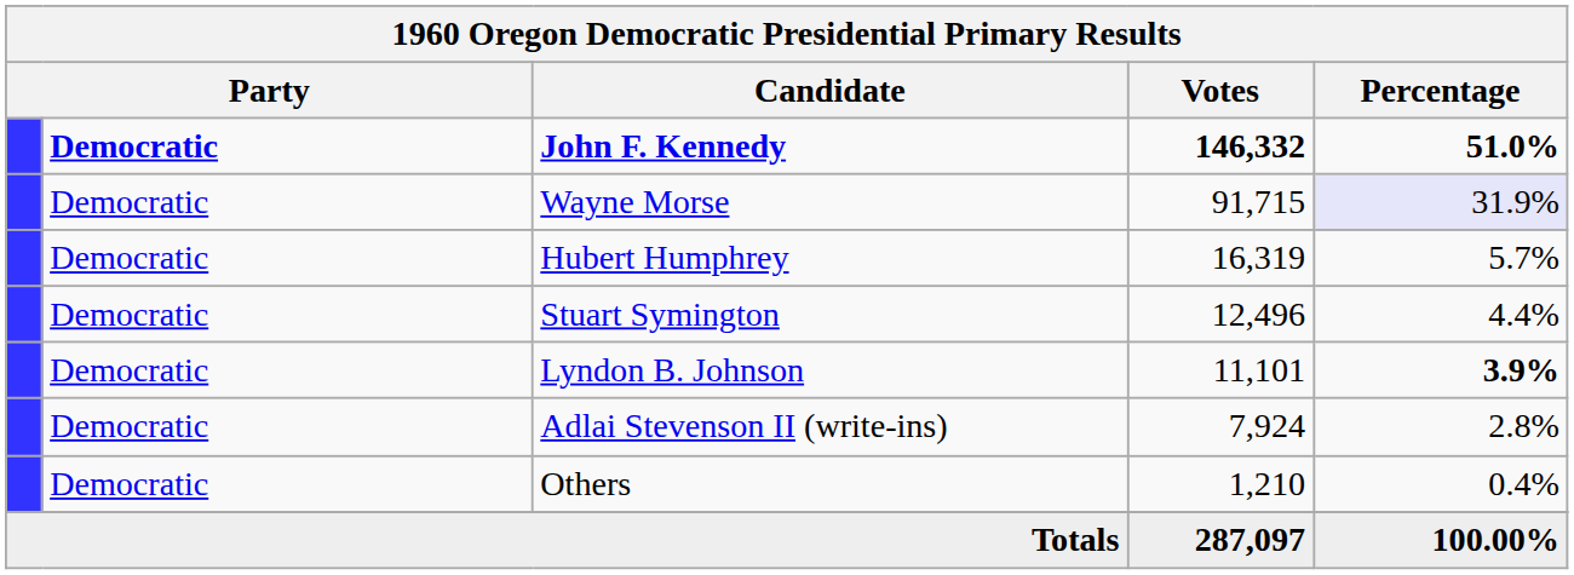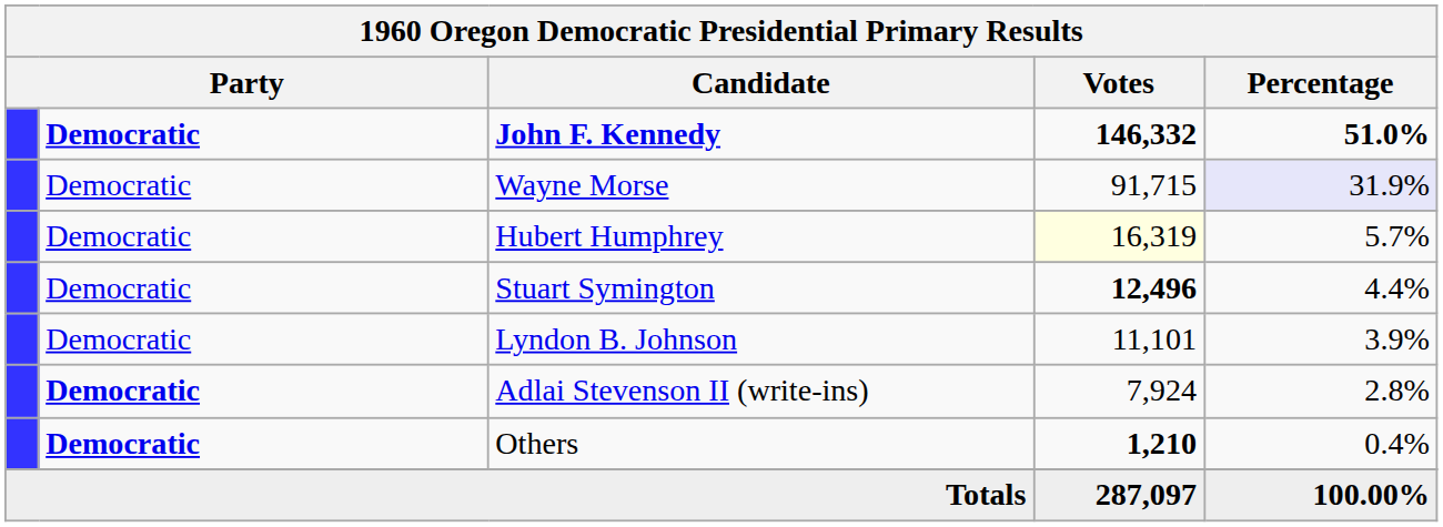 <table class="wikitable" style="font-size: 95%;">
 <tr>
 <th colspan="7">1960 Oregon Democratic Presidential Primary Results</th>
 </tr>
 <tr>
 <th colspan="2" style="width: 15em">Party</th>
 <th style="width: 17em">Candidate</th>
 <th style="width: 5em">Votes</th>
 <th style="width: 7em">Percentage</th>
 </tr>
 <tr>
 <th style="background-color:#3333FF; width: 3px"></th>
 <td style="width: 130px"><strong><a href='#'>Democratic</a></strong></td>
 <td><strong><a href='#'>John F. Kennedy</a></strong></td>
 <td align="right"><strong>	146,332</strong></td>
 <td align="right"><strong>51.0%</strong></td>
 </tr>
 <tr>
 <th style="background-color:#3333FF; width: 3px"></th>
 <td style="width: 130px"><a href='#'>Democratic</a></td>
 <td><a href='#'>Wayne Morse</a></td>
 <td align="right">91,715</td>
 <td align="right" style="background: lavender;">31.9%</td>
 </tr>
 <tr>
 <th style="background-color:#3333FF; width: 3px"></th>
 <td style="width: 130px"><a href='#'>Democratic</a></td>
 <td><a href='#'>Hubert Humphrey</a></td>
-<td align="right">16,319</td>
+<td align="right" style="background: lightyellow;">16,319</td>
 <td align="right">5.7%</td>
 </tr>
 <tr>
 <th style="background-color:#3333FF; width: 3px"></th>
 <td style="width: 130px"><a href='#'>Democratic</a></td>
 <td><a href='#'>Stuart Symington</a></td>
-<td align="right">12,496</td>
+<td align="right"><strong>12,496</strong></td>
 <td align="right">4.4%</td>
 </tr>
 <tr>
 <th style="background-color:#3333FF; width: 3px"></th>
 <td style="width: 130px"><a href='#'>Democratic</a></td>
 <td><a href='#'>Lyndon B. Johnson</a></td>
 <td align="right">11,101</td>
-<td align="right"><strong>3.9%</strong></td>
+<td align="right">3.9%</td>
 </tr>
 <tr>
 <th style="background-color:#3333FF; width: 3px"></th>
-<td style="width: 130px"><a href='#'>Democratic</a></td>
+<td style="width: 130px"><strong><a href='#'>Democratic</a></strong></td>
 <td><a href='#'>Adlai Stevenson II</a>  (write-ins)</td>
 <td align="right">7,924</td>
 <td align="right">2.8%</td>
 </tr>
 <tr>
 <th style="background-color:#3333FF; width: 3px"></th>
-<td style="width: 130px"><a href='#'>Democratic</a></td>
+<td style="width: 130px"><strong><a href='#'>Democratic</a></strong></td>
 <td>Others</td>
-<td align="right">1,210</td>
+<td align="right"><strong>1,210</strong></td>
 <td align="right">0.4%</td>
 </tr>
 <tr>
 </tr>
 <tr bgcolor="#EEEEEE">
 <td colspan="3" align="right"><strong>Totals</strong></td>
 <td align="right"><strong>287,097</strong></td>
 <td align="right"><strong>100.00%</strong></td>
 </tr>
 </table>
